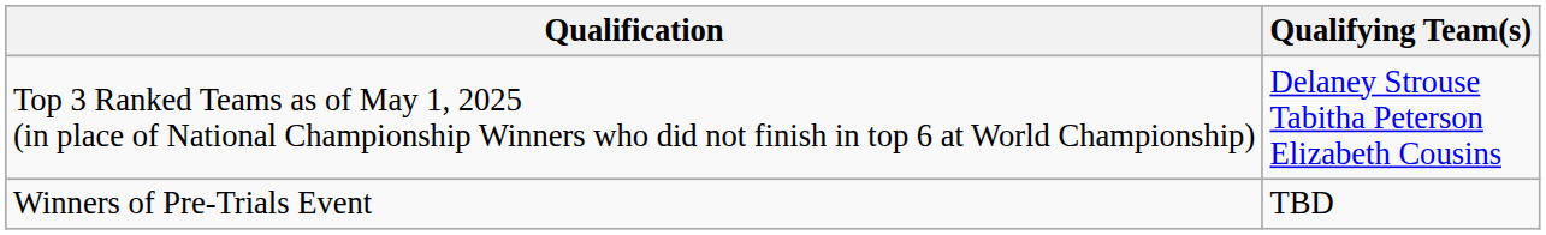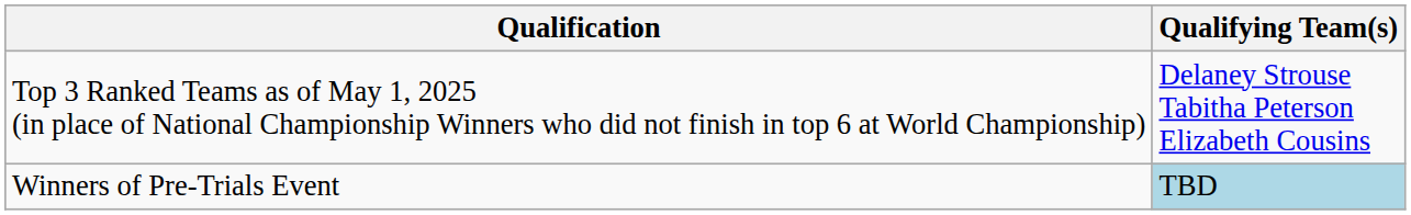 <table class="wikitable" border="1">
 <tr>
 <th scope="col">Qualification</th>
 <th scope="col">Qualifying Team(s)</th>
 </tr>
 <tr>
 <td>Top 3 Ranked Teams as of May 1, 2025 <br>(in place of National Championship Winners who did not finish in top 6 at World Championship)</td>
 <td><a href='#'>Delaney Strouse</a> <br> <a href='#'>Tabitha Peterson</a> <br> <a href='#'>Elizabeth Cousins</a></td>
 </tr>
 <tr>
 <td>Winners of Pre-Trials Event</td>
-<td>TBD</td>
+<td style="background: lightblue;">TBD</td>
 </tr>
 </table>
